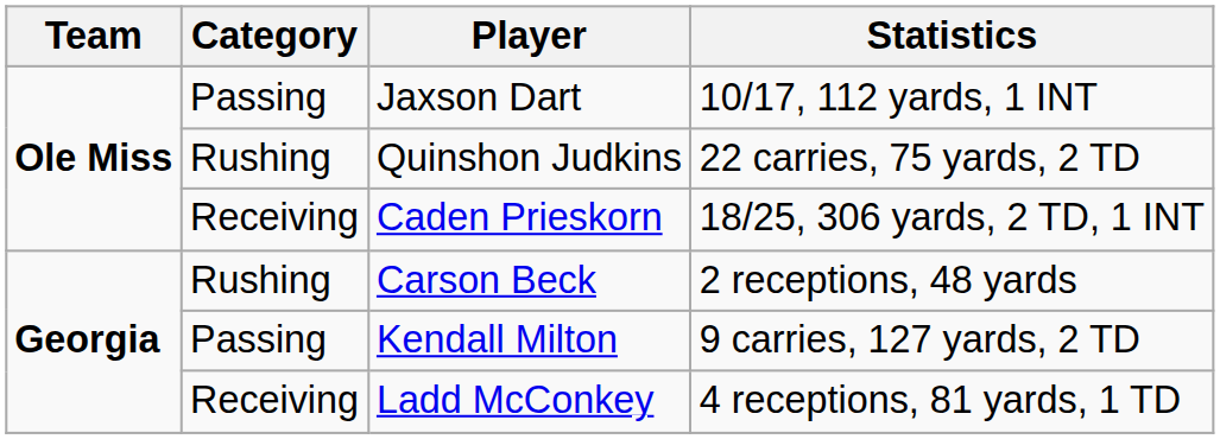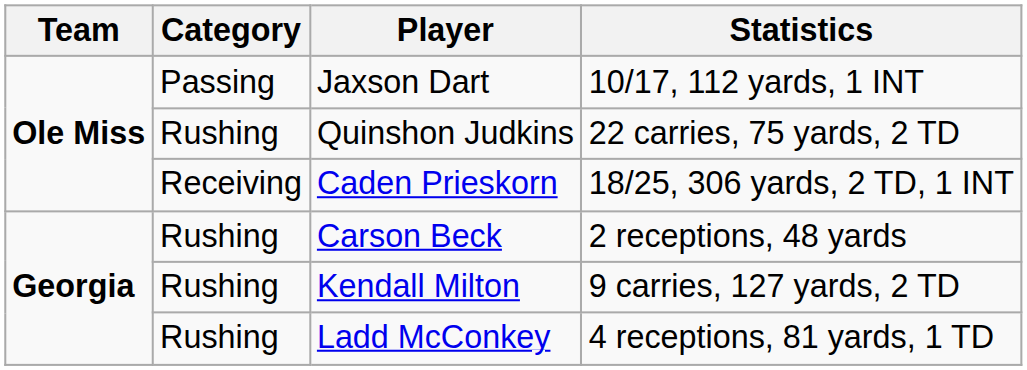 <table class="wikitable" style="float: right;">
 <tr>
 <th>Team</th>
 <th>Category</th>
 <th>Player</th>
 <th>Statistics</th>
 </tr>
 <tr>
 <td rowspan=3><strong>Ole Miss</strong></td>
 <td>Passing</td>
 <td>Jaxson Dart</td>
 <td>10/17, 112 yards, 1 INT</td>
 </tr>
 <tr>
 <td>Rushing</td>
 <td>Quinshon Judkins</td>
 <td>22 carries, 75 yards, 2 TD</td>
 </tr>
 <tr>
 <td>Receiving</td>
 <td><a href='#'>Caden Prieskorn</a></td>
 <td>18/25, 306 yards, 2 TD, 1 INT</td>
 </tr>
 <tr>
 <td rowspan=3><strong>Georgia</strong></td>
 <td>Rushing</td>
 <td><a href='#'>Carson Beck</a></td>
 <td>2 receptions, 48 yards</td>
 </tr>
 <tr>
-<td>Passing</td>
+<td>Rushing</td>
 <td><a href='#'>Kendall Milton</a></td>
 <td>9 carries, 127 yards, 2 TD</td>
 </tr>
 <tr>
-<td>Receiving</td>
+<td>Rushing</td>
 <td><a href='#'>Ladd McConkey</a></td>
 <td>4 receptions, 81 yards, 1 TD</td>
 </tr>
 </table>
